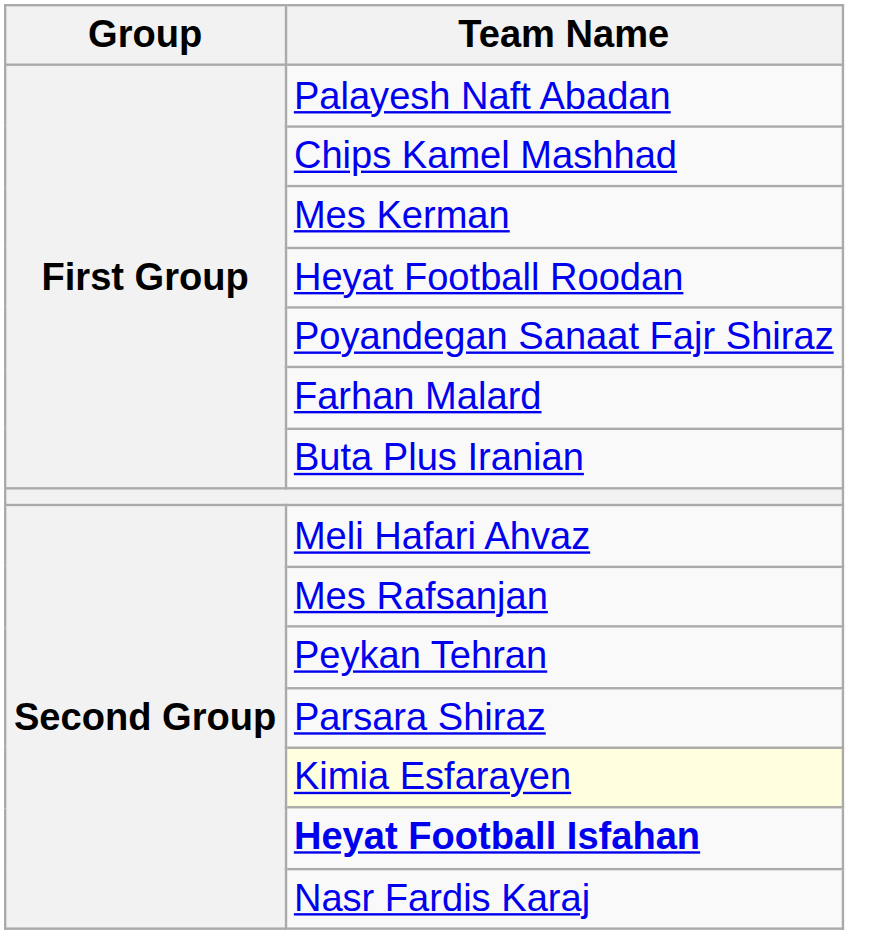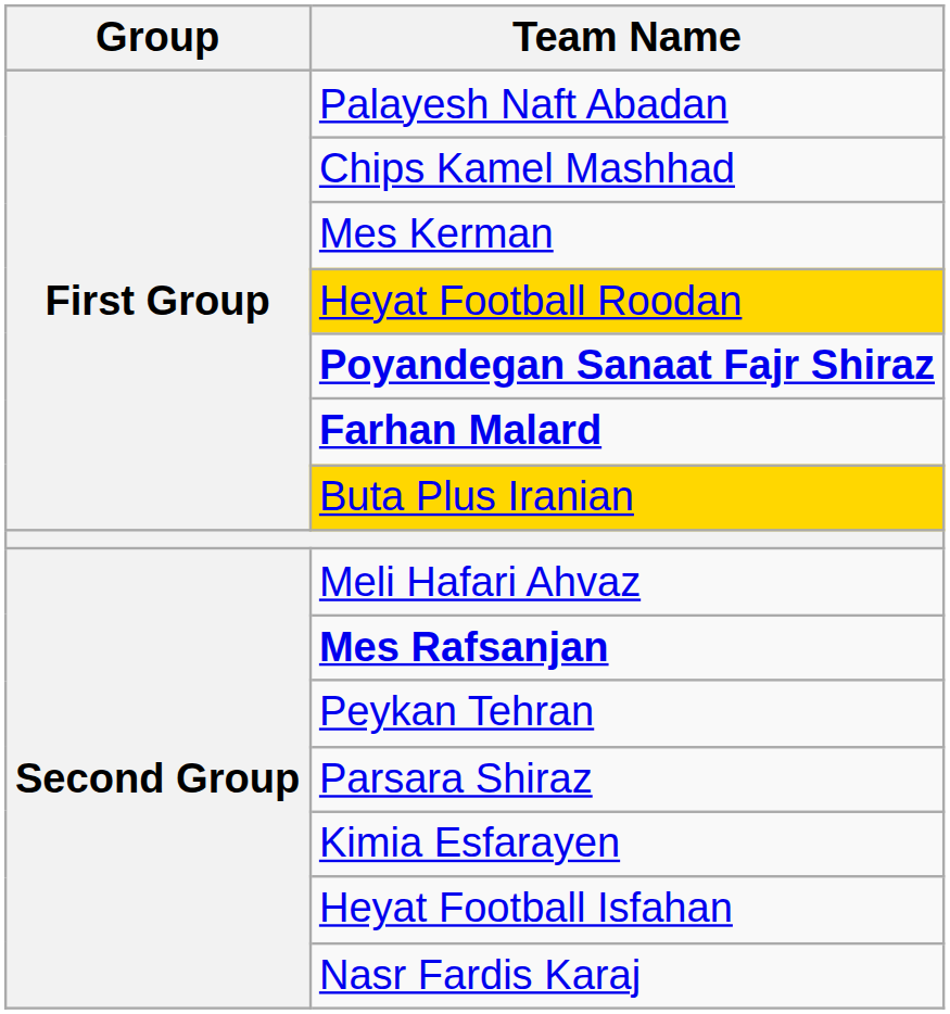 <table class="wikitable">
 <tr>
 <th>Group</th>
 <th>Team Name</th>
 </tr>
 <tr>
 <th rowspan="7">First Group</th>
 <td><a href='#'>Palayesh Naft Abadan</a></td>
 </tr>
 <tr>
 <td><a href='#'>Chips Kamel Mashhad</a></td>
 </tr>
 <tr>
 <td><a href='#'>Mes Kerman</a></td>
 </tr>
 <tr>
-<td><a href='#'>Heyat Football Roodan</a></td>
+<td style="background: gold;"><a href='#'>Heyat Football Roodan</a></td>
 </tr>
 <tr>
-<td><a href='#'>Poyandegan Sanaat Fajr Shiraz</a></td>
+<td><strong><a href='#'>Poyandegan Sanaat Fajr Shiraz</a></strong></td>
 </tr>
 <tr>
-<td><a href='#'>Farhan Malard</a></td>
+<td><strong><a href='#'>Farhan Malard</a></strong></td>
 </tr>
 <tr>
-<td><a href='#'>Buta Plus Iranian</a></td>
+<td style="background: gold;"><a href='#'>Buta Plus Iranian</a></td>
 </tr>
 <tr>
 <th colspan="2"></th>
 </tr>
 <tr>
 <th rowspan="7">Second Group</th>
 <td><a href='#'>Meli Hafari Ahvaz</a></td>
 </tr>
 <tr>
-<td><a href='#'>Mes Rafsanjan</a></td>
+<td><strong><a href='#'>Mes Rafsanjan</a></strong></td>
 </tr>
 <tr>
 <td><a href='#'>Peykan Tehran</a></td>
 </tr>
 <tr>
 <td><a href='#'>Parsara Shiraz</a></td>
 </tr>
 <tr>
-<td style="background: lightyellow;"><a href='#'>Kimia Esfarayen</a></td>
+<td><a href='#'>Kimia Esfarayen</a></td>
 </tr>
 <tr>
-<td><strong><a href='#'>Heyat Football Isfahan</a></strong></td>
+<td><a href='#'>Heyat Football Isfahan</a></td>
 </tr>
 <tr>
 <td><a href='#'>Nasr Fardis Karaj</a></td>
 </tr>
 </table>
